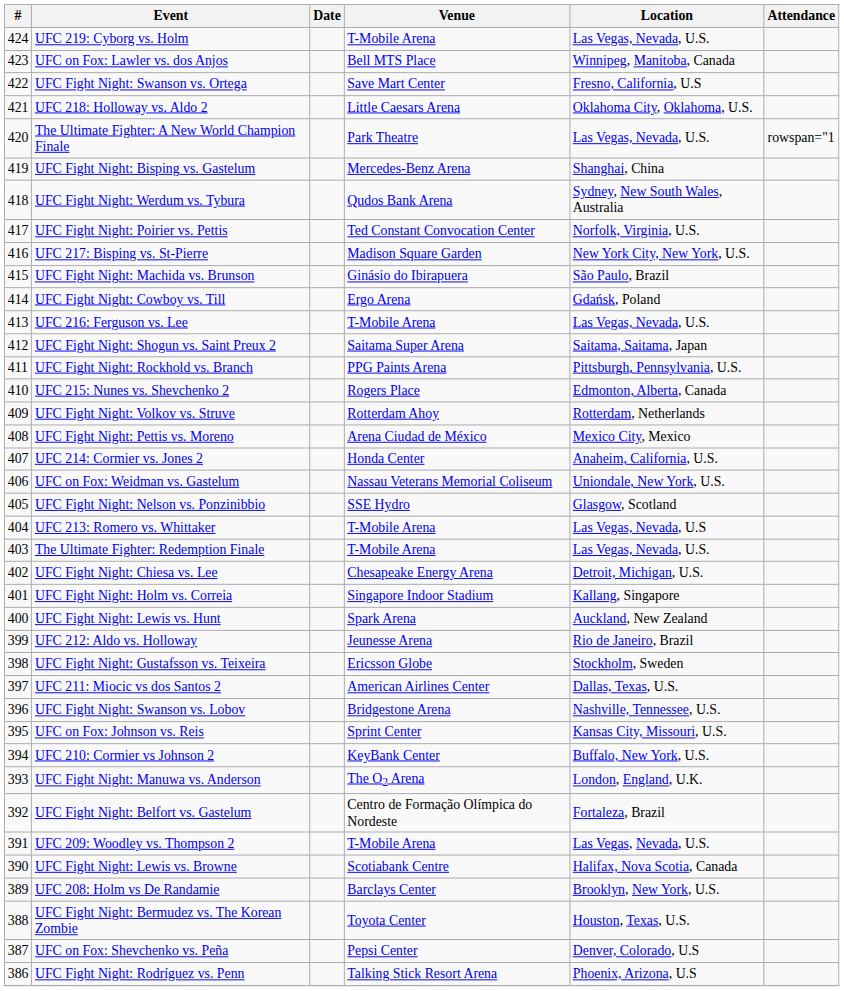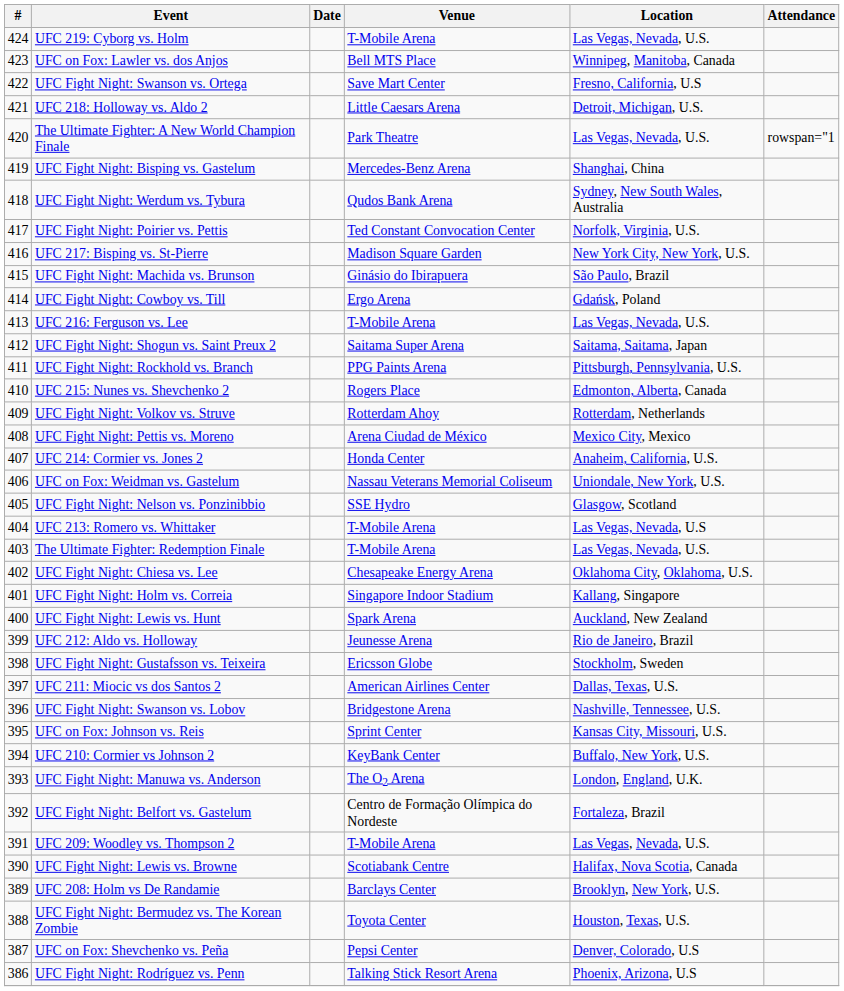 <table class="sortable wikitable succession-box" style="font-size:90%;">
 <tr>
 <th scope="col">#</th>
 <th scope="col">Event</th>
 <th scope="col">Date</th>
 <th scope="col">Venue</th>
 <th scope="col">Location</th>
 <th scope="col">Attendance</th>
 </tr>
 <tr>
 <td>424</td>
 <td><a href='#'>UFC 219: Cyborg vs. Holm</a></td>
 <td></td>
 <td><a href='#'>T-Mobile Arena</a></td>
 <td><a href='#'>Las Vegas, Nevada</a>, U.S.</td>
 <td></td>
 </tr>
 <tr>
 <td>423</td>
 <td><a href='#'>UFC on Fox: Lawler vs. dos Anjos</a></td>
 <td></td>
 <td><a href='#'>Bell MTS Place</a></td>
 <td><a href='#'>Winnipeg</a>, <a href='#'>Manitoba</a>, Canada</td>
 <td></td>
 </tr>
 <tr>
 <td>422</td>
 <td><a href='#'>UFC Fight Night: Swanson vs. Ortega</a></td>
 <td></td>
 <td><a href='#'>Save Mart Center</a></td>
 <td><a href='#'>Fresno, California</a>, U.S</td>
 <td></td>
 </tr>
 <tr>
 <td>421</td>
 <td><a href='#'>UFC 218: Holloway vs. Aldo 2</a></td>
 <td></td>
 <td><a href='#'>Little Caesars Arena</a></td>
-<td><a href='#'>Oklahoma City</a>, <a href='#'>Oklahoma</a>, U.S.</td>
+<td><a href='#'>Detroit, Michigan</a>, U.S.</td>
 <td></td>
 </tr>
 <tr>
 <td>420</td>
 <td><a href='#'>The Ultimate Fighter: A New World Champion Finale</a></td>
 <td></td>
 <td><a href='#'>Park Theatre</a></td>
 <td><a href='#'>Las Vegas, Nevada</a>, U.S.</td>
 <td>rowspan="1 </td>
 </tr>
 <tr>
 <td>419</td>
 <td><a href='#'>UFC Fight Night: Bisping vs. Gastelum</a></td>
 <td></td>
 <td><a href='#'>Mercedes-Benz Arena</a></td>
 <td><a href='#'>Shanghai</a>, China</td>
 <td></td>
 </tr>
 <tr>
 <td>418</td>
 <td><a href='#'>UFC Fight Night: Werdum vs. Tybura</a></td>
 <td></td>
 <td><a href='#'>Qudos Bank Arena</a></td>
 <td><a href='#'>Sydney</a>, <a href='#'>New South Wales</a>, Australia</td>
 <td></td>
 </tr>
 <tr>
 <td>417</td>
 <td><a href='#'>UFC Fight Night: Poirier vs. Pettis</a></td>
 <td></td>
 <td><a href='#'>Ted Constant Convocation Center</a></td>
 <td><a href='#'>Norfolk, Virginia</a>, U.S.</td>
 <td></td>
 </tr>
 <tr>
 <td>416</td>
 <td><a href='#'>UFC 217: Bisping vs. St-Pierre</a></td>
 <td></td>
 <td><a href='#'>Madison Square Garden</a></td>
 <td><a href='#'>New York City, New York</a>, U.S.</td>
 <td></td>
 </tr>
 <tr>
 <td>415</td>
 <td><a href='#'>UFC Fight Night: Machida vs. Brunson</a></td>
 <td></td>
 <td><a href='#'>Ginásio do Ibirapuera</a></td>
 <td><a href='#'>São Paulo</a>, Brazil</td>
 <td></td>
 </tr>
 <tr>
 <td>414</td>
 <td><a href='#'>UFC Fight Night: Cowboy vs. Till</a></td>
 <td></td>
 <td><a href='#'>Ergo Arena</a></td>
 <td><a href='#'>Gdańsk</a>, Poland</td>
 <td></td>
 </tr>
 <tr>
 <td>413</td>
 <td><a href='#'>UFC 216: Ferguson vs. Lee</a></td>
 <td></td>
 <td><a href='#'>T-Mobile Arena</a></td>
 <td><a href='#'>Las Vegas, Nevada</a>, U.S.</td>
 <td></td>
 </tr>
 <tr>
 <td>412</td>
 <td><a href='#'>UFC Fight Night: Shogun vs. Saint Preux 2</a></td>
 <td></td>
 <td><a href='#'>Saitama Super Arena</a></td>
 <td><a href='#'>Saitama, Saitama</a>, Japan</td>
 <td></td>
 </tr>
 <tr>
 <td>411</td>
 <td><a href='#'>UFC Fight Night: Rockhold vs. Branch</a></td>
 <td></td>
 <td><a href='#'>PPG Paints Arena</a></td>
 <td><a href='#'>Pittsburgh, Pennsylvania</a>, U.S.</td>
 <td></td>
 </tr>
 <tr>
 <td>410</td>
 <td><a href='#'>UFC 215: Nunes vs. Shevchenko 2</a></td>
 <td></td>
 <td><a href='#'>Rogers Place</a></td>
 <td><a href='#'>Edmonton, Alberta</a>, Canada</td>
 <td></td>
 </tr>
 <tr>
 <td>409</td>
 <td><a href='#'>UFC Fight Night: Volkov vs. Struve</a></td>
 <td></td>
 <td><a href='#'>Rotterdam Ahoy</a></td>
 <td><a href='#'>Rotterdam</a>, Netherlands</td>
 <td></td>
 </tr>
 <tr>
 <td>408</td>
 <td><a href='#'>UFC Fight Night: Pettis vs. Moreno</a></td>
 <td></td>
 <td><a href='#'>Arena Ciudad de México</a></td>
 <td><a href='#'>Mexico City</a>, Mexico</td>
 <td></td>
 </tr>
 <tr>
 <td>407</td>
 <td><a href='#'>UFC 214: Cormier vs. Jones 2</a></td>
 <td></td>
 <td><a href='#'>Honda Center</a></td>
 <td><a href='#'>Anaheim, California</a>, U.S.</td>
 <td></td>
 </tr>
 <tr>
 <td>406</td>
 <td><a href='#'>UFC on Fox: Weidman vs. Gastelum</a></td>
 <td></td>
 <td><a href='#'>Nassau Veterans Memorial Coliseum</a></td>
 <td><a href='#'>Uniondale, New York</a>, U.S.</td>
 <td></td>
 </tr>
 <tr>
 <td>405</td>
 <td><a href='#'>UFC Fight Night: Nelson vs. Ponzinibbio</a></td>
 <td></td>
 <td><a href='#'>SSE Hydro</a></td>
 <td><a href='#'>Glasgow</a>, Scotland</td>
 <td></td>
 </tr>
 <tr>
 <td>404</td>
 <td><a href='#'>UFC 213: Romero vs. Whittaker</a></td>
 <td></td>
 <td><a href='#'>T-Mobile Arena</a></td>
 <td><a href='#'>Las Vegas, Nevada</a>, U.S</td>
 <td></td>
 </tr>
 <tr>
 <td>403</td>
 <td><a href='#'>The Ultimate Fighter: Redemption Finale</a></td>
 <td></td>
 <td><a href='#'>T-Mobile Arena</a></td>
 <td><a href='#'>Las Vegas, Nevada</a>, U.S.</td>
 <td></td>
 </tr>
 <tr>
 <td>402</td>
 <td><a href='#'>UFC Fight Night: Chiesa vs. Lee</a></td>
 <td></td>
 <td><a href='#'>Chesapeake Energy Arena</a></td>
-<td><a href='#'>Detroit, Michigan</a>, U.S.</td>
+<td><a href='#'>Oklahoma City</a>, <a href='#'>Oklahoma</a>, U.S.</td>
 <td></td>
 </tr>
 <tr>
 <td>401</td>
 <td><a href='#'>UFC Fight Night: Holm vs. Correia</a></td>
 <td></td>
 <td><a href='#'>Singapore Indoor Stadium</a></td>
 <td><a href='#'>Kallang</a>, Singapore</td>
 <td></td>
 </tr>
 <tr>
 <td>400</td>
 <td><a href='#'>UFC Fight Night: Lewis vs. Hunt</a></td>
 <td></td>
 <td><a href='#'>Spark Arena</a></td>
 <td><a href='#'>Auckland</a>, New Zealand</td>
 <td></td>
 </tr>
 <tr>
 <td>399</td>
 <td><a href='#'>UFC 212: Aldo vs. Holloway</a></td>
 <td></td>
 <td><a href='#'>Jeunesse Arena</a></td>
 <td><a href='#'>Rio de Janeiro</a>, Brazil</td>
 <td></td>
 </tr>
 <tr>
 <td>398</td>
 <td><a href='#'>UFC Fight Night: Gustafsson vs. Teixeira</a></td>
 <td></td>
 <td><a href='#'>Ericsson Globe</a></td>
 <td><a href='#'>Stockholm</a>, Sweden</td>
 <td></td>
 </tr>
 <tr>
 <td>397</td>
 <td><a href='#'>UFC 211: Miocic vs dos Santos 2</a></td>
 <td></td>
 <td><a href='#'>American Airlines Center</a></td>
 <td><a href='#'>Dallas, Texas</a>, U.S.</td>
 <td></td>
 </tr>
 <tr>
 <td>396</td>
 <td><a href='#'>UFC Fight Night: Swanson vs. Lobov</a></td>
 <td></td>
 <td><a href='#'>Bridgestone Arena</a></td>
 <td><a href='#'>Nashville, Tennessee</a>, U.S.</td>
 <td></td>
 </tr>
 <tr>
 <td>395</td>
 <td><a href='#'>UFC on Fox: Johnson vs. Reis</a></td>
 <td></td>
 <td><a href='#'>Sprint Center</a></td>
 <td><a href='#'>Kansas City, Missouri</a>, U.S.</td>
 <td></td>
 </tr>
 <tr>
 <td>394</td>
 <td><a href='#'>UFC 210: Cormier vs Johnson 2</a></td>
 <td></td>
 <td><a href='#'>KeyBank Center</a></td>
 <td><a href='#'>Buffalo, New York</a>, U.S.</td>
 <td></td>
 </tr>
 <tr>
 <td>393</td>
 <td><a href='#'>UFC Fight Night: Manuwa vs. Anderson</a></td>
 <td></td>
 <td><a href='#'>The O<sub>2</sub> Arena</a></td>
 <td><a href='#'>London</a>, <a href='#'>England</a>, U.K.</td>
 <td></td>
 </tr>
 <tr>
 <td>392</td>
 <td><a href='#'>UFC Fight Night: Belfort vs. Gastelum</a></td>
 <td></td>
 <td>Centro de Formação Olímpica do Nordeste</td>
 <td><a href='#'>Fortaleza</a>, Brazil</td>
 <td></td>
 </tr>
 <tr>
 <td>391</td>
 <td><a href='#'>UFC 209: Woodley vs. Thompson 2</a></td>
 <td></td>
 <td><a href='#'>T-Mobile Arena</a></td>
 <td><a href='#'>Las Vegas</a>, <a href='#'>Nevada</a>, U.S.</td>
 <td></td>
 </tr>
 <tr>
 <td>390</td>
 <td><a href='#'>UFC Fight Night: Lewis vs. Browne</a></td>
 <td></td>
 <td><a href='#'>Scotiabank Centre</a></td>
 <td><a href='#'>Halifax, Nova Scotia</a>, Canada</td>
 <td></td>
 </tr>
 <tr>
 <td>389</td>
 <td><a href='#'>UFC 208: Holm vs De Randamie</a></td>
 <td></td>
 <td><a href='#'>Barclays Center</a></td>
 <td><a href='#'>Brooklyn</a>, <a href='#'>New York</a>, U.S.</td>
 <td></td>
 </tr>
 <tr>
 <td>388</td>
 <td><a href='#'>UFC Fight Night: Bermudez vs. The Korean Zombie</a></td>
 <td></td>
 <td><a href='#'>Toyota Center</a></td>
 <td><a href='#'>Houston</a>, <a href='#'>Texas</a>, U.S.</td>
 <td></td>
 </tr>
 <tr>
 <td>387</td>
 <td><a href='#'>UFC on Fox: Shevchenko vs. Peña</a></td>
 <td></td>
 <td><a href='#'>Pepsi Center</a></td>
 <td><a href='#'>Denver, Colorado</a>, U.S</td>
 <td></td>
 </tr>
 <tr>
 <td>386</td>
 <td><a href='#'>UFC Fight Night: Rodríguez vs. Penn</a></td>
 <td></td>
 <td><a href='#'>Talking Stick Resort Arena</a></td>
 <td><a href='#'>Phoenix, Arizona</a>, U.S</td>
 <td></td>
 </tr>
 <tr>
 </tr>
 </table>
